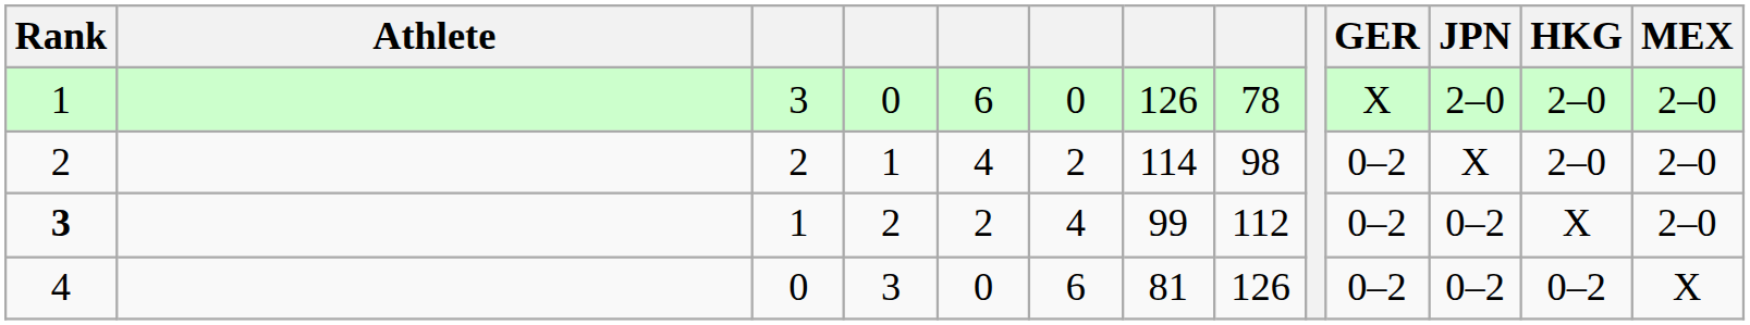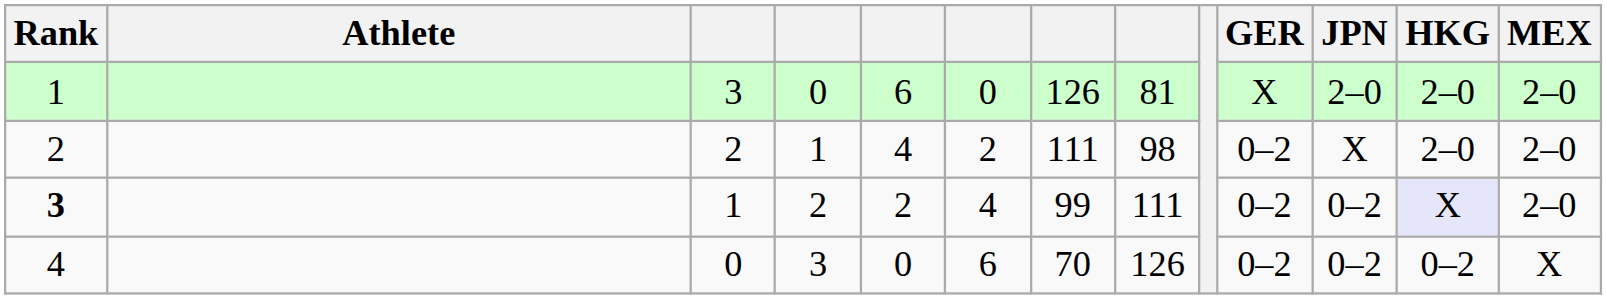 <table class="wikitable" style="text-align:center">
 <tr>
 <th>Rank</th>
 <th width=250>Athlete</th>
 <th width=30></th>
 <th width=30></th>
 <th width=30></th>
 <th width=30></th>
 <th width=30></th>
 <th width=30></th>
 <th rowspan=5></th>
 <th width=30>GER</th>
 <th width=30>JPN</th>
 <th width=30>HKG</th>
 <th width=30>MEX</th>
 </tr>
 <tr style="background-color:#ccffcc;">
 <td>1</td>
 <td align=left></td>
 <td>3</td>
 <td>0</td>
 <td>6</td>
 <td>0</td>
 <td>126</td>
-<td>78</td>
+<td>81</td>
 <td>X</td>
 <td>2–0</td>
 <td>2–0</td>
 <td>2–0</td>
 </tr>
 <tr>
 <td>2</td>
 <td align=left></td>
 <td>2</td>
 <td>1</td>
 <td>4</td>
 <td>2</td>
-<td>114</td>
+<td>111</td>
 <td>98</td>
 <td>0–2</td>
 <td>X</td>
 <td>2–0</td>
 <td>2–0</td>
 </tr>
 <tr>
 <td><strong>3</strong></td>
 <td align=left></td>
 <td>1</td>
 <td>2</td>
 <td>2</td>
 <td>4</td>
 <td>99</td>
-<td>112</td>
+<td>111</td>
 <td>0–2</td>
 <td>0–2</td>
-<td>X</td>
+<td style="background: lavender;">X</td>
 <td>2–0</td>
 </tr>
 <tr>
 <td>4</td>
 <td align=left></td>
 <td>0</td>
 <td>3</td>
 <td>0</td>
 <td>6</td>
-<td>81</td>
+<td>70</td>
 <td>126</td>
 <td>0–2</td>
 <td>0–2</td>
 <td>0–2</td>
 <td>X</td>
 </tr>
 </table>
